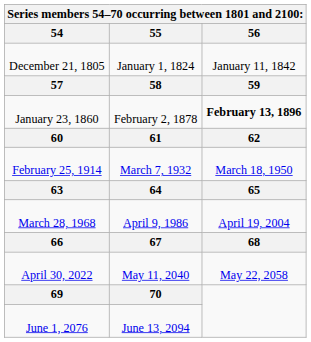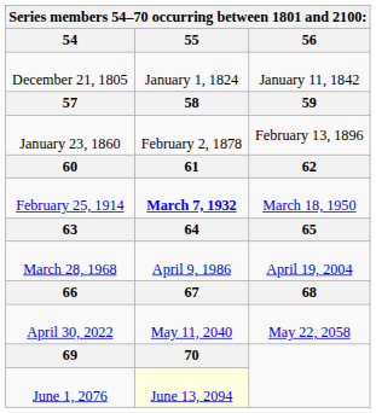 <table class="wikitable collapsible collapsed">
 <tr>
 <th colspan=3>Series members 54–70 occurring between 1801 and 2100:</th>
 </tr>
 <tr>
 <th>54</th>
 <th>55</th>
 <th>56</th>
 </tr>
 <tr style="text-align:center;">
 <td><br>December 21, 1805</td>
 <td><br>January 1, 1824</td>
 <td><br>January 11, 1842</td>
 </tr>
 <tr>
 <th>57</th>
 <th>58</th>
 <th>59</th>
 </tr>
 <tr style="text-align:center;">
 <td><br>January 23, 1860</td>
 <td><br>February 2, 1878</td>
-<td><strong>February 13, 1896</strong></td>
+<td>February 13, 1896</td>
 </tr>
 <tr>
 <th>60</th>
 <th>61</th>
 <th>62</th>
 </tr>
 <tr style="text-align:center;">
 <td><br><a href='#'>February 25, 1914</a></td>
-<td><br><a href='#'>March 7, 1932</a></td>
+<td><strong><br><a href='#'>March 7, 1932</a></strong></td>
 <td><br><a href='#'>March 18, 1950</a></td>
 </tr>
 <tr>
 <th>63</th>
 <th>64</th>
 <th>65</th>
 </tr>
 <tr style="text-align:center;">
 <td><br><a href='#'>March 28, 1968</a></td>
 <td><br><a href='#'>April 9, 1986</a></td>
 <td><br><a href='#'>April 19, 2004</a></td>
 </tr>
 <tr>
 <th>66</th>
 <th>67</th>
 <th>68</th>
 </tr>
 <tr style="text-align:center;">
 <td><br><a href='#'>April 30, 2022</a></td>
 <td><br><a href='#'>May 11, 2040</a></td>
 <td><br><a href='#'>May 22, 2058</a></td>
 </tr>
 <tr>
 <th>69</th>
 <th>70</th>
 </tr>
 <tr style="text-align:center;">
 <td><br><a href='#'>June 1, 2076</a></td>
-<td><br><a href='#'>June 13, 2094</a></td>
+<td style="background: lightyellow;"><br><a href='#'>June 13, 2094</a></td>
 </tr>
 </table>
